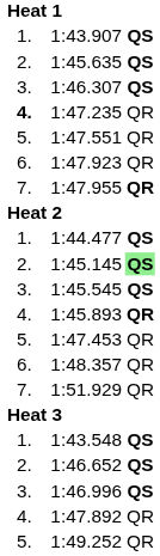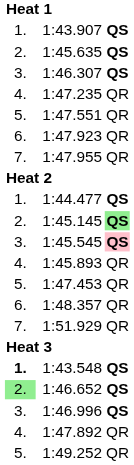 <table style="text-align:center">
 <tr>
 <td colspan=4 align=left><strong>Heat 1</strong></td>
 </tr>
 <tr>
 <td width=30>1.</td>
 <td align=left></td>
 <td width=60>1:43.907</td>
 <td><strong>QS</strong></td>
 </tr>
 <tr>
 <td>2.</td>
 <td align=left></td>
 <td>1:45.635</td>
 <td><strong>QS</strong></td>
 </tr>
 <tr>
 <td>3.</td>
 <td align=left></td>
 <td>1:46.307</td>
 <td><strong>QS</strong></td>
 </tr>
 <tr>
-<td><strong>4.</strong></td>
+<td>4.</td>
 <td align=left></td>
 <td>1:47.235</td>
 <td>QR</td>
 </tr>
 <tr>
 <td>5.</td>
 <td align=left></td>
 <td>1:47.551</td>
 <td>QR</td>
 </tr>
 <tr>
 <td>6.</td>
 <td align=left></td>
 <td>1:47.923</td>
 <td>QR</td>
 </tr>
 <tr>
 <td>7.</td>
 <td align=left></td>
 <td>1:47.955</td>
-<td><strong>QR</strong></td>
+<td>QR</td>
 </tr>
 <tr>
 <td colspan=4 align=left><strong>Heat 2</strong></td>
 </tr>
 <tr>
 <td>1.</td>
 <td align=left></td>
 <td>1:44.477</td>
 <td><strong>QS</strong></td>
 </tr>
 <tr>
 <td>2.</td>
 <td align=left></td>
 <td>1:45.145</td>
 <td style="background: lightgreen;"><strong>QS</strong></td>
 </tr>
 <tr>
 <td>3.</td>
 <td align=left></td>
 <td>1:45.545</td>
-<td><strong>QS</strong></td>
+<td style="background: pink;"><strong>QS</strong></td>
 </tr>
 <tr>
 <td>4.</td>
 <td align=left></td>
 <td>1:45.893</td>
-<td><strong>QR</strong></td>
+<td>QR</td>
 </tr>
 <tr>
 <td>5.</td>
 <td align=left></td>
 <td>1:47.453</td>
 <td>QR</td>
 </tr>
 <tr>
 <td>6.</td>
 <td align=left></td>
 <td>1:48.357</td>
 <td>QR</td>
 </tr>
 <tr>
 <td>7.</td>
 <td align=left></td>
 <td>1:51.929</td>
 <td>QR</td>
 </tr>
 <tr>
 <td colspan=4 align=left><strong>Heat 3</strong></td>
 </tr>
 <tr>
-<td>1.</td>
+<td><strong>1.</strong></td>
 <td align=left></td>
 <td>1:43.548</td>
 <td><strong>QS</strong></td>
 </tr>
 <tr>
-<td>2.</td>
+<td style="background: lightgreen;">2.</td>
 <td align=left></td>
 <td>1:46.652</td>
 <td><strong>QS</strong></td>
 </tr>
 <tr>
 <td>3.</td>
 <td align=left></td>
 <td>1:46.996</td>
 <td><strong>QS</strong></td>
 </tr>
 <tr>
 <td>4.</td>
 <td align=left></td>
 <td>1:47.892</td>
 <td>QR</td>
 </tr>
 <tr>
 <td>5.</td>
 <td align=left></td>
 <td>1:49.252</td>
 <td>QR</td>
 </tr>
 </table>
